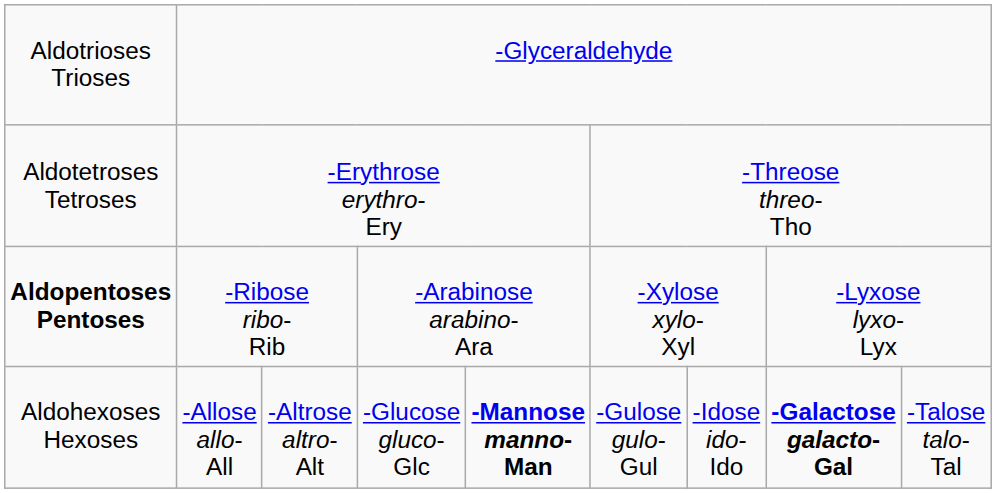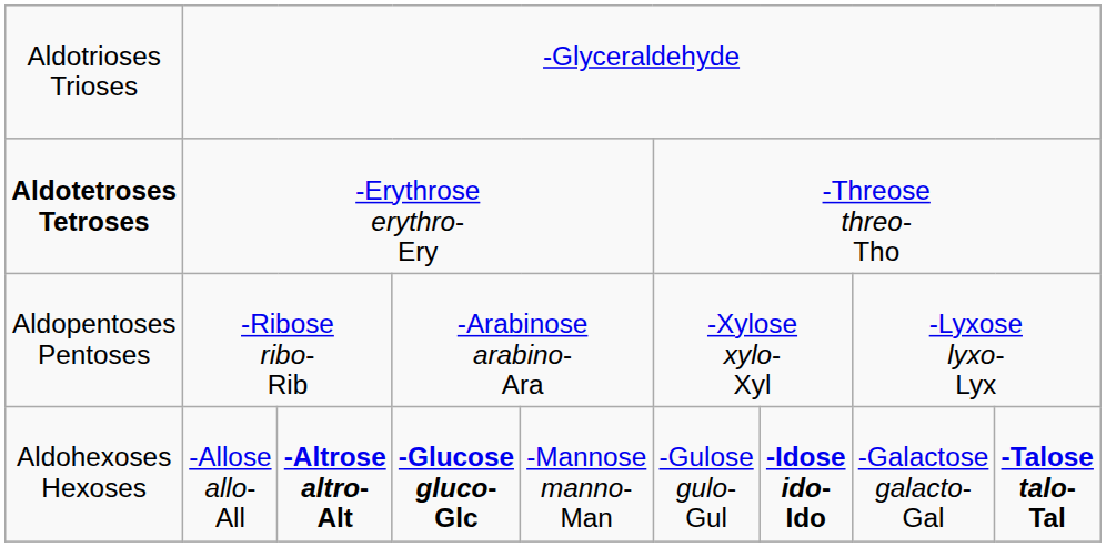 <table class="wikitable" style="text-align:center;">
 <tr>
 <td>Aldotrioses<br>Trioses</td>
 <td colspan="8"> <br><a href='#'>-Glyceraldehyde</a><br> <br> </td>
 </tr>
 <tr>
-<td>Aldotetroses<br>Tetroses</td>
+<td><strong>Aldotetroses<br>Tetroses</strong></td>
 <td colspan="4"><br><a href='#'>-Erythrose</a><br><em>erythro</em>-<br>Ery</td>
 <td colspan="4"><br><a href='#'>-Threose</a><br><em>threo</em>-<br>Tho</td>
 </tr>
 <tr>
-<td><strong>Aldopentoses<br>Pentoses</strong></td>
+<td>Aldopentoses<br>Pentoses</td>
 <td colspan="2"><br><a href='#'>-Ribose</a><br><em>ribo</em>-<br>Rib</td>
 <td colspan="2"><br><a href='#'>-Arabinose</a><br><em>arabino</em>-<br>Ara</td>
 <td colspan="2"><br><a href='#'>-Xylose</a><br><em>xylo</em>-<br>Xyl</td>
 <td colspan="2"><br><a href='#'>-Lyxose</a><br><em>lyxo</em>-<br>Lyx</td>
 </tr>
 <tr>
 <td>Aldohexoses<br>Hexoses</td>
 <td><br><a href='#'>-Allose</a><br><em>allo</em>-<br>All</td>
-<td><br><a href='#'>-Altrose</a><br><em>altro</em>-<br>Alt</td>
-<td><br><a href='#'>-Glucose</a><br><em>gluco</em>-<br>Glc</td>
-<td><strong><br><a href='#'>-Mannose</a><br><em>manno</em>-<br>Man</strong></td>
+<td><strong><br><a href='#'>-Altrose</a><br><em>altro</em>-<br>Alt</strong></td>
+<td><strong><br><a href='#'>-Glucose</a><br><em>gluco</em>-<br>Glc</strong></td>
+<td><br><a href='#'>-Mannose</a><br><em>manno</em>-<br>Man</td>
 <td><br><a href='#'>-Gulose</a><br><em>gulo</em>-<br>Gul</td>
-<td><br><a href='#'>-Idose</a><br><em>ido</em>-<br>Ido</td>
-<td><strong><br><a href='#'>-Galactose</a><br><em>galacto</em>-<br>Gal</strong></td>
-<td><br><a href='#'>-Talose</a><br><em>talo</em>-<br>Tal</td>
+<td><strong><br><a href='#'>-Idose</a><br><em>ido</em>-<br>Ido</strong></td>
+<td><br><a href='#'>-Galactose</a><br><em>galacto</em>-<br>Gal</td>
+<td><strong><br><a href='#'>-Talose</a><br><em>talo</em>-<br>Tal</strong></td>
 </tr>
 </table>
